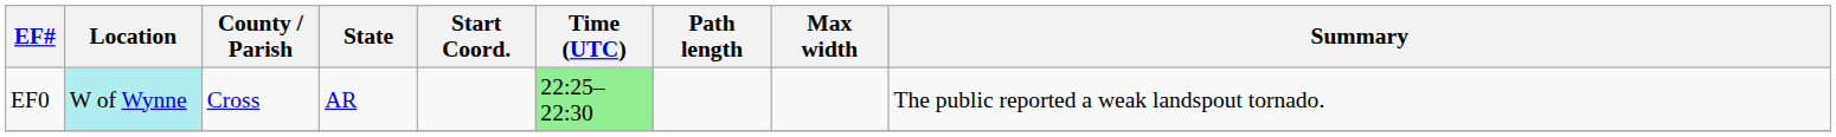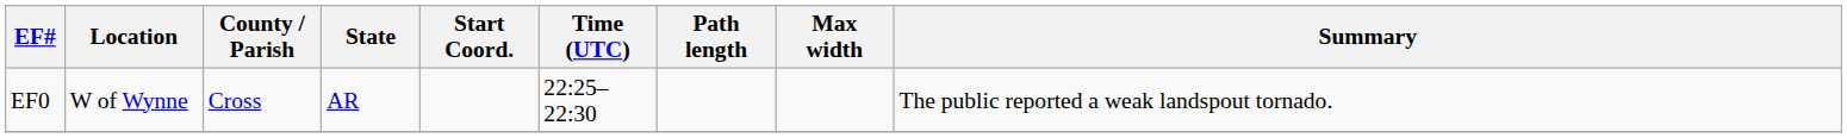 <table class="wikitable sortable" style="width:100%;">
 <tr>
 <th scope="col"  style="width:3%; text-align:center;"><a href='#'>EF#</a></th>
 <th scope="col"  style="width:7%; text-align:center;" class="unsortable">Location</th>
 <th scope="col"  style="width:6%; text-align:center;" class="unsortable">County / Parish</th>
 <th scope="col"  style="width:5%; text-align:center;">State</th>
 <th scope="col"  style="width:6%; text-align:center;">Start Coord.</th>
 <th scope="col"  style="width:6%; text-align:center;">Time (<a href='#'>UTC</a>)</th>
 <th scope="col"  style="width:6%; text-align:center;">Path length</th>
 <th scope="col"  style="width:6%; text-align:center;">Max width</th>
 <th scope="col" class="unsortable" style="width:48%; text-align:center;">Summary</th>
 </tr>
 <tr>
 <td bgcolor=>EF0</td>
-<td style="background: paleturquoise;">W of <a href='#'>Wynne</a></td>
+<td>W of <a href='#'>Wynne</a></td>
 <td><a href='#'>Cross</a></td>
 <td><a href='#'>AR</a></td>
 <td></td>
-<td style="background: lightgreen;">22:25–22:30</td>
+<td>22:25–22:30</td>
 <td></td>
 <td></td>
 <td>The public reported a weak landspout tornado.</td>
 </tr>
 <tr>
 </tr>
 </table>
